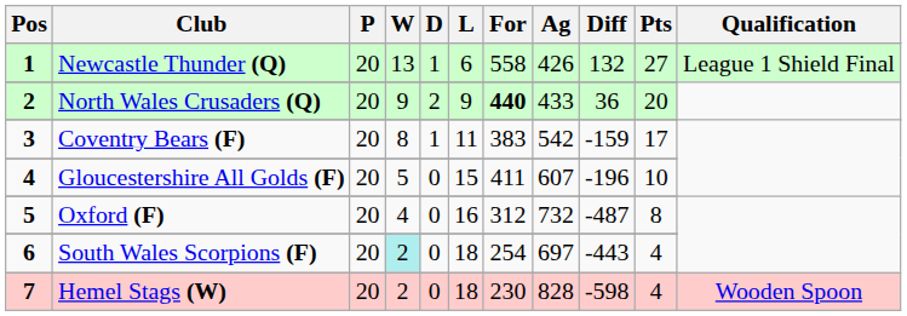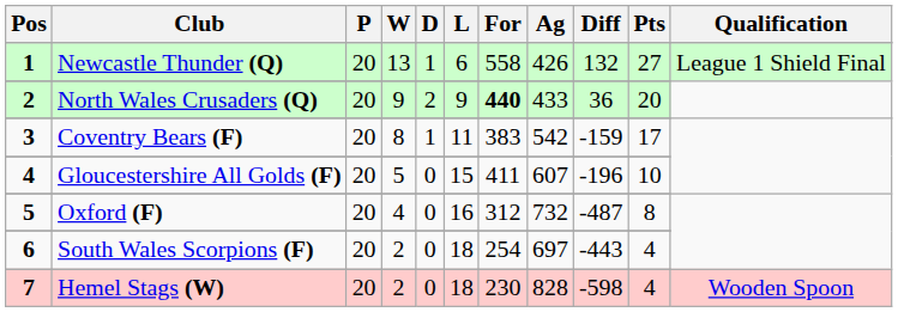 <table class="wikitable" style="text-align:left;">
 <tr>
 <th><strong>Pos</strong></th>
 <th><strong>Club</strong></th>
 <th><strong>P</strong></th>
 <th><strong>W</strong></th>
 <th><strong>D</strong></th>
 <th><strong>L</strong></th>
 <th><strong>For</strong></th>
 <th><strong>Ag</strong></th>
 <th><strong>Diff</strong></th>
 <th><strong>Pts</strong></th>
 <th><strong>Qualification</strong></th>
 </tr>
 <tr --->
 </tr>
 <tr align=center style="background:#ccffcc;">
 <td><strong>1</strong></td>
 <td style="text-align:left;"> <a href='#'>Newcastle Thunder</a> <strong>(Q)</strong></td>
 <td>20</td>
 <td>13</td>
 <td>1</td>
 <td>6</td>
 <td>558</td>
 <td>426</td>
 <td>132</td>
 <td>27</td>
 <td rowspan=2>League 1 Shield Final</td>
 </tr>
 <tr --->
 </tr>
 <tr align=center style="background:#ccffcc;">
 <td><strong>2</strong></td>
 <td style="text-align:left;"> <a href='#'>North Wales Crusaders</a> <strong>(Q)</strong></td>
 <td>20</td>
 <td>9</td>
 <td>2</td>
 <td>9</td>
 <td><strong>440</strong></td>
 <td>433</td>
 <td>36</td>
 <td>20</td>
 </tr>
 <tr --->
 </tr>
 <tr align=center>
 <td><strong>3</strong></td>
 <td style="text-align:left;"> <a href='#'>Coventry Bears</a> <strong>(F)</strong></td>
 <td>20</td>
 <td>8</td>
 <td>1</td>
 <td>11</td>
 <td>383</td>
 <td>542</td>
 <td>-159</td>
 <td>17</td>
 <td rowspan=4></td>
 </tr>
 <tr --->
 </tr>
 <tr align=center>
 <td><strong>4</strong></td>
 <td style="text-align:left;"> <a href='#'>Gloucestershire All Golds</a> <strong>(F)</strong></td>
 <td>20</td>
 <td>5</td>
 <td>0</td>
 <td>15</td>
 <td>411</td>
 <td>607</td>
 <td>-196</td>
 <td>10</td>
 </tr>
 <tr --->
 </tr>
 <tr align=center>
 <td><strong>5</strong></td>
 <td style="text-align:left;"> <a href='#'>Oxford</a> <strong>(F)</strong></td>
 <td>20</td>
 <td>4</td>
 <td>0</td>
 <td>16</td>
 <td>312</td>
 <td>732</td>
 <td>-487</td>
 <td>8</td>
 </tr>
 <tr --->
 </tr>
 <tr align=center>
 <td><strong>6</strong></td>
 <td style="text-align:left;"> <a href='#'>South Wales Scorpions</a> <strong>(F)</strong></td>
 <td>20</td>
-<td style="background: paleturquoise;">2</td>
+<td>2</td>
 <td>0</td>
 <td>18</td>
 <td>254</td>
 <td>697</td>
 <td>-443</td>
 <td>4</td>
 </tr>
 <tr --->
 </tr>
 <tr align=center style="background:#ffcccc;">
 <td><strong>7</strong></td>
 <td style="text-align:left;"> <a href='#'>Hemel Stags</a> <strong>(W)</strong></td>
 <td>20</td>
 <td>2</td>
 <td>0</td>
 <td>18</td>
 <td>230</td>
 <td>828</td>
 <td>-598</td>
 <td>4</td>
 <td><a href='#'>Wooden Spoon</a></td>
 </tr>
 </table>
